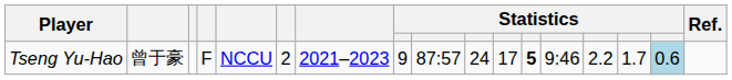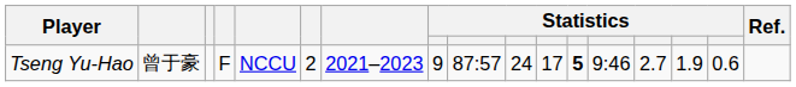 <table class="wikitable sortable" style="font-size:95%; text-align:right;">
 <tr>
 <th rowspan="2">Player</th>
 <th rowspan="2"></th>
 <th rowspan="2"></th>
 <th rowspan="2"></th>
 <th rowspan="2"></th>
 <th rowspan="2"></th>
 <th rowspan="2"></th>
 <th colspan="9">Statistics</th>
 <th rowspan="2">Ref.</th>
 </tr>
 <tr>
 <th></th>
 <th></th>
 <th></th>
 <th></th>
 <th></th>
 <th></th>
 <th></th>
 <th></th>
 <th></th>
 </tr>
 <tr>
 <td align="left"><em>Tseng Yu-Hao</em></td>
 <td align="left">曾于豪</td>
 <td align="center"></td>
 <td align="center">F</td>
 <td align="left"><a href='#'>NCCU</a></td>
 <td align="center">2</td>
 <td align="center"><a href='#'>2021</a>–<a href='#'>2023</a></td>
 <td>9</td>
 <td>87:57</td>
 <td>24</td>
 <td>17</td>
 <td><strong>5</strong></td>
 <td>9:46</td>
-<td>2.2</td>
-<td>1.7</td>
-<td style="background: lightblue;">0.6</td>
+<td>2.7</td>
+<td>1.9</td>
+<td>0.6</td>
 <td align="center"></td>
 </tr>
 </table>
